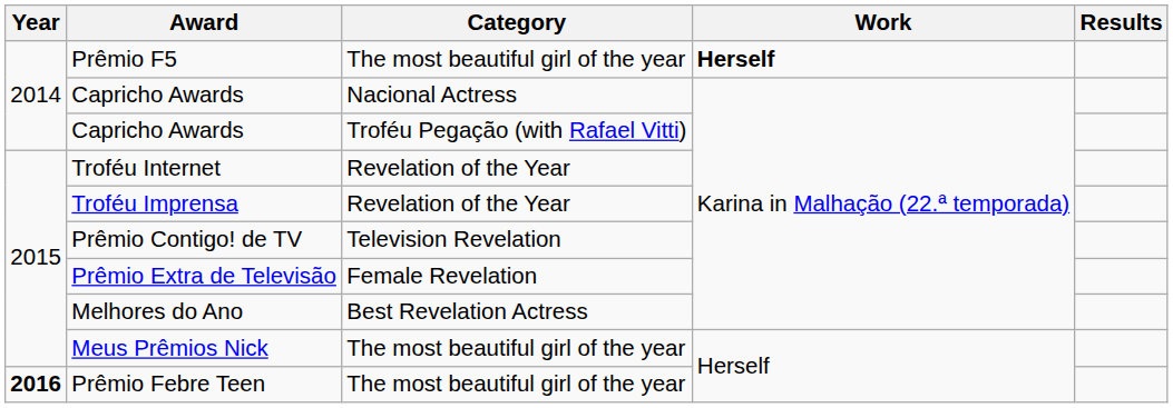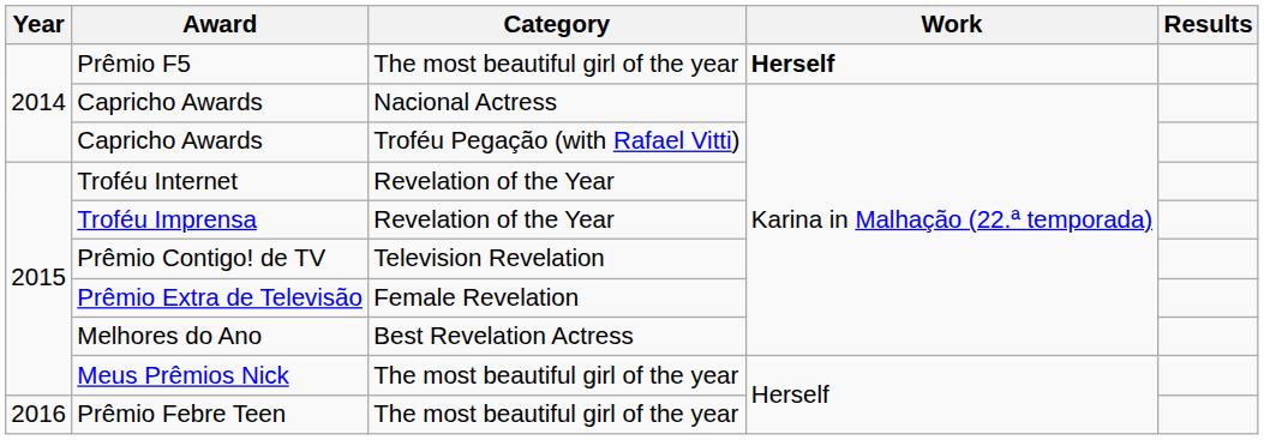 <table class="wikitable">
 <tr>
 <th>Year</th>
 <th>Award</th>
 <th>Category</th>
 <th>Work</th>
 <th>Results</th>
 </tr>
 <tr>
 <td rowspan="3">2014</td>
 <td>Prêmio F5</td>
 <td>The most beautiful girl of the year</td>
 <td><strong>Herself</strong></td>
 <td></td>
 </tr>
 <tr>
 <td>Capricho Awards</td>
 <td>Nacional Actress</td>
 <td rowspan="7">Karina in <a href='#'>Malhação (22.ª temporada)</a></td>
 <td></td>
 </tr>
 <tr>
 <td>Capricho Awards</td>
 <td>Troféu Pegação (with <a href='#'>Rafael Vitti</a>)</td>
 <td></td>
 </tr>
 <tr>
 <td rowspan="6">2015</td>
 <td>Troféu Internet</td>
 <td>Revelation of the Year</td>
 <td></td>
 </tr>
 <tr>
 <td><a href='#'>Troféu Imprensa</a></td>
 <td>Revelation of the Year</td>
 <td></td>
 </tr>
 <tr>
 <td>Prêmio Contigo! de TV</td>
 <td>Television Revelation</td>
 <td></td>
 </tr>
 <tr>
 <td><a href='#'>Prêmio Extra de Televisão</a></td>
 <td>Female Revelation</td>
 <td></td>
 </tr>
 <tr>
 <td>Melhores do Ano</td>
 <td>Best Revelation Actress</td>
 <td></td>
 </tr>
 <tr>
 <td><a href='#'>Meus Prêmios Nick</a></td>
 <td>The most beautiful girl of the year</td>
 <td rowspan="2">Herself</td>
 <td></td>
 </tr>
 <tr>
-<td><strong>2016</strong></td>
+<td>2016</td>
 <td>Prêmio Febre Teen</td>
 <td>The most beautiful girl of the year</td>
 <td></td>
 </tr>
 </table>
